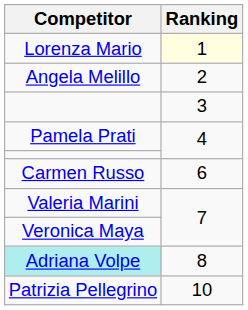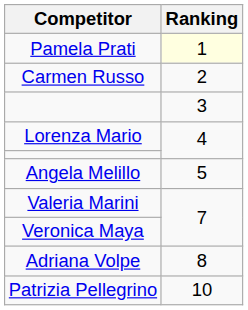 <table class="wikitable" style="text-align:center">
 <tr>
 <th>Competitor</th>
 <th>Ranking</th>
 </tr>
 <tr>
-<td><a href='#'>Lorenza Mario</a></td>
+<td><a href='#'>Pamela Prati</a></td>
 <td style="background: lightyellow;">1</td>
 </tr>
 <tr>
-<td><a href='#'>Angela Melillo</a></td>
+<td><a href='#'>Carmen Russo</a></td>
 <td>2</td>
 </tr>
 <tr>
 <td></td>
 <td>3</td>
 </tr>
 <tr>
-<td><a href='#'>Pamela Prati</a></td>
+<td><a href='#'>Lorenza Mario</a></td>
 <td rowspan="2">4</td>
 </tr>
 <tr>
 <td></td>
 </tr>
 <tr>
-<td><a href='#'>Carmen Russo</a></td>
-<td>6</td>
+<td><a href='#'>Angela Melillo</a></td>
+<td>5</td>
 </tr>
 <tr>
 <td><a href='#'>Valeria Marini</a></td>
 <td rowspan="2">7</td>
 </tr>
 <tr>
 <td><a href='#'>Veronica Maya</a></td>
 </tr>
 <tr>
-<td style="background: paleturquoise;"><a href='#'>Adriana Volpe</a></td>
+<td><a href='#'>Adriana Volpe</a></td>
 <td>8</td>
 </tr>
 <tr>
 <td><a href='#'>Patrizia Pellegrino</a></td>
 <td>10</td>
 </tr>
 </table>
